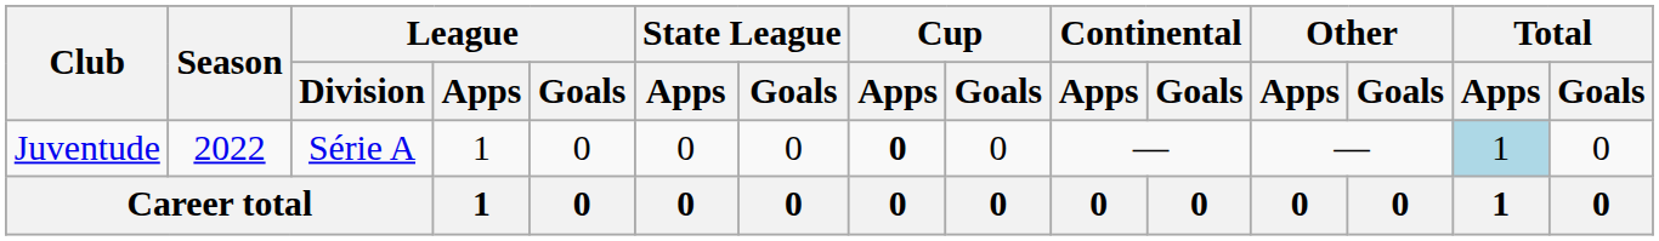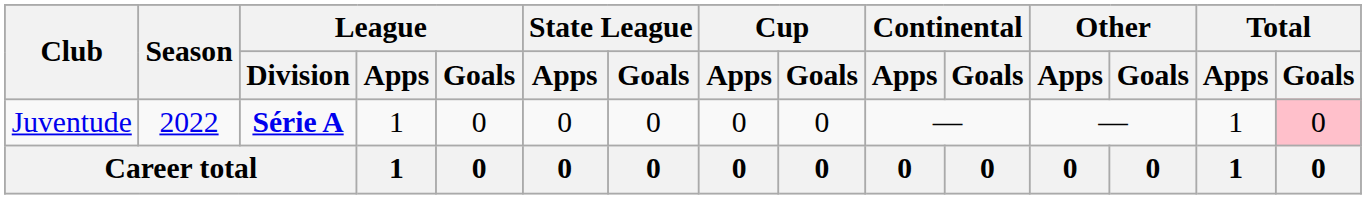 <table class="wikitable" style="text-align: center;">
 <tr>
 <th rowspan="2">Club</th>
 <th rowspan="2">Season</th>
 <th colspan="3">League</th>
 <th colspan="2">State League</th>
 <th colspan="2">Cup</th>
 <th colspan="2">Continental</th>
 <th colspan="2">Other</th>
 <th colspan="2">Total</th>
 </tr>
 <tr>
 <th>Division</th>
 <th>Apps</th>
 <th>Goals</th>
 <th>Apps</th>
 <th>Goals</th>
 <th>Apps</th>
 <th>Goals</th>
 <th>Apps</th>
 <th>Goals</th>
 <th>Apps</th>
 <th>Goals</th>
 <th>Apps</th>
 <th>Goals</th>
 </tr>
 <tr>
 <td><a href='#'>Juventude</a></td>
 <td><a href='#'>2022</a></td>
-<td><a href='#'>Série A</a></td>
+<td><strong><a href='#'>Série A</a></strong></td>
 <td>1</td>
 <td>0</td>
 <td>0</td>
 <td>0</td>
-<td><strong>0</strong></td>
+<td>0</td>
 <td>0</td>
 <td colspan=2>—</td>
 <td colspan=2>—</td>
-<td style="background: lightblue;">1</td>
-<td>0</td>
+<td>1</td>
+<td style="background: pink;">0</td>
 </tr>
 <tr>
 <th colspan=3><strong>Career total</strong></th>
 <th>1</th>
 <th>0</th>
 <th>0</th>
 <th>0</th>
 <th>0</th>
 <th>0</th>
 <th>0</th>
 <th>0</th>
 <th>0</th>
 <th>0</th>
 <th>1</th>
 <th>0</th>
 </tr>
 </table>
